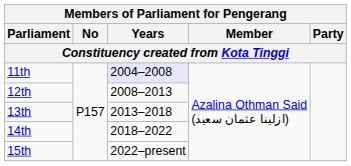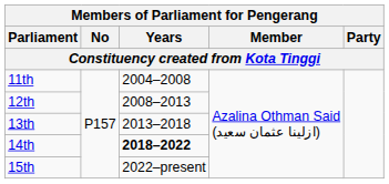 <table class=wikitable>
 <tr>
 <th colspan="5">Members of Parliament for Pengerang</th>
 </tr>
 <tr>
 <th>Parliament</th>
 <th>No</th>
 <th>Years</th>
 <th>Member</th>
 <th>Party</th>
 </tr>
 <tr>
 <th colspan="5" align="center"><em>Constituency created from <a href='#'>Kota Tinggi</a></em></th>
 </tr>
 <tr>
 <td><a href='#'>11th</a></td>
 <td rowspan="5">P157</td>
-<td style="background: lavender;">2004–2008</td>
+<td>2004–2008</td>
 <td rowspan=5><a href='#'>Azalina Othman Said</a>  <br> (ازلينا عثمان سعيد‎)</td>
 <td rowspan=5></td>
 </tr>
 <tr>
 <td><a href='#'>12th</a></td>
 <td>2008–2013</td>
 </tr>
 <tr>
 <td><a href='#'>13th</a></td>
 <td>2013–2018</td>
 </tr>
 <tr>
 <td><a href='#'>14th</a></td>
-<td>2018–2022</td>
+<td><strong>2018–2022</strong></td>
 </tr>
 <tr>
 <td><a href='#'>15th</a></td>
 <td>2022–present</td>
 </tr>
 </table>
